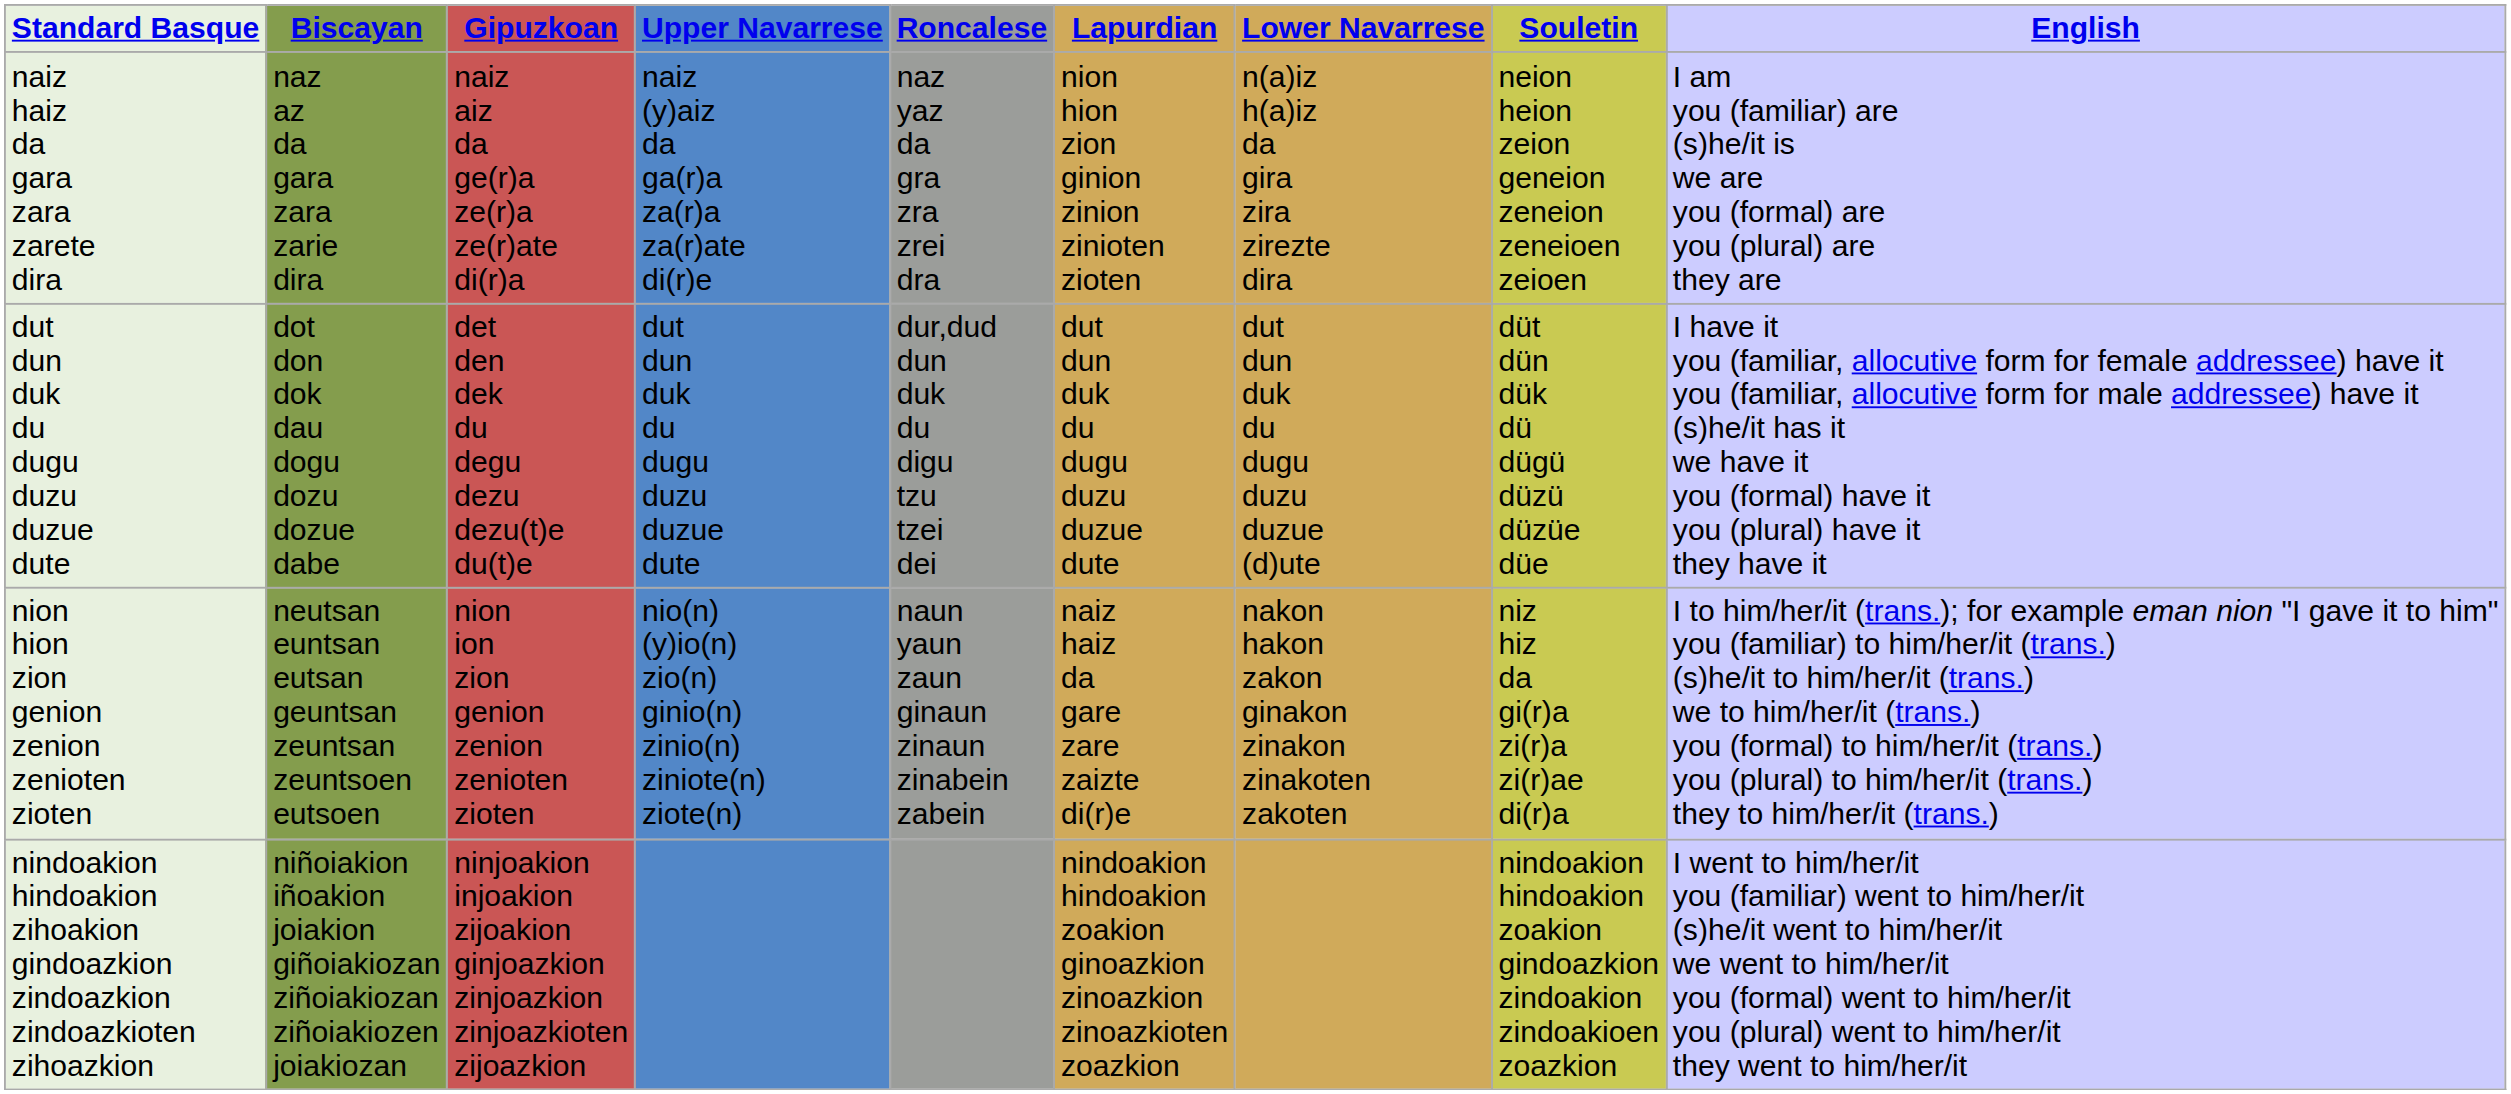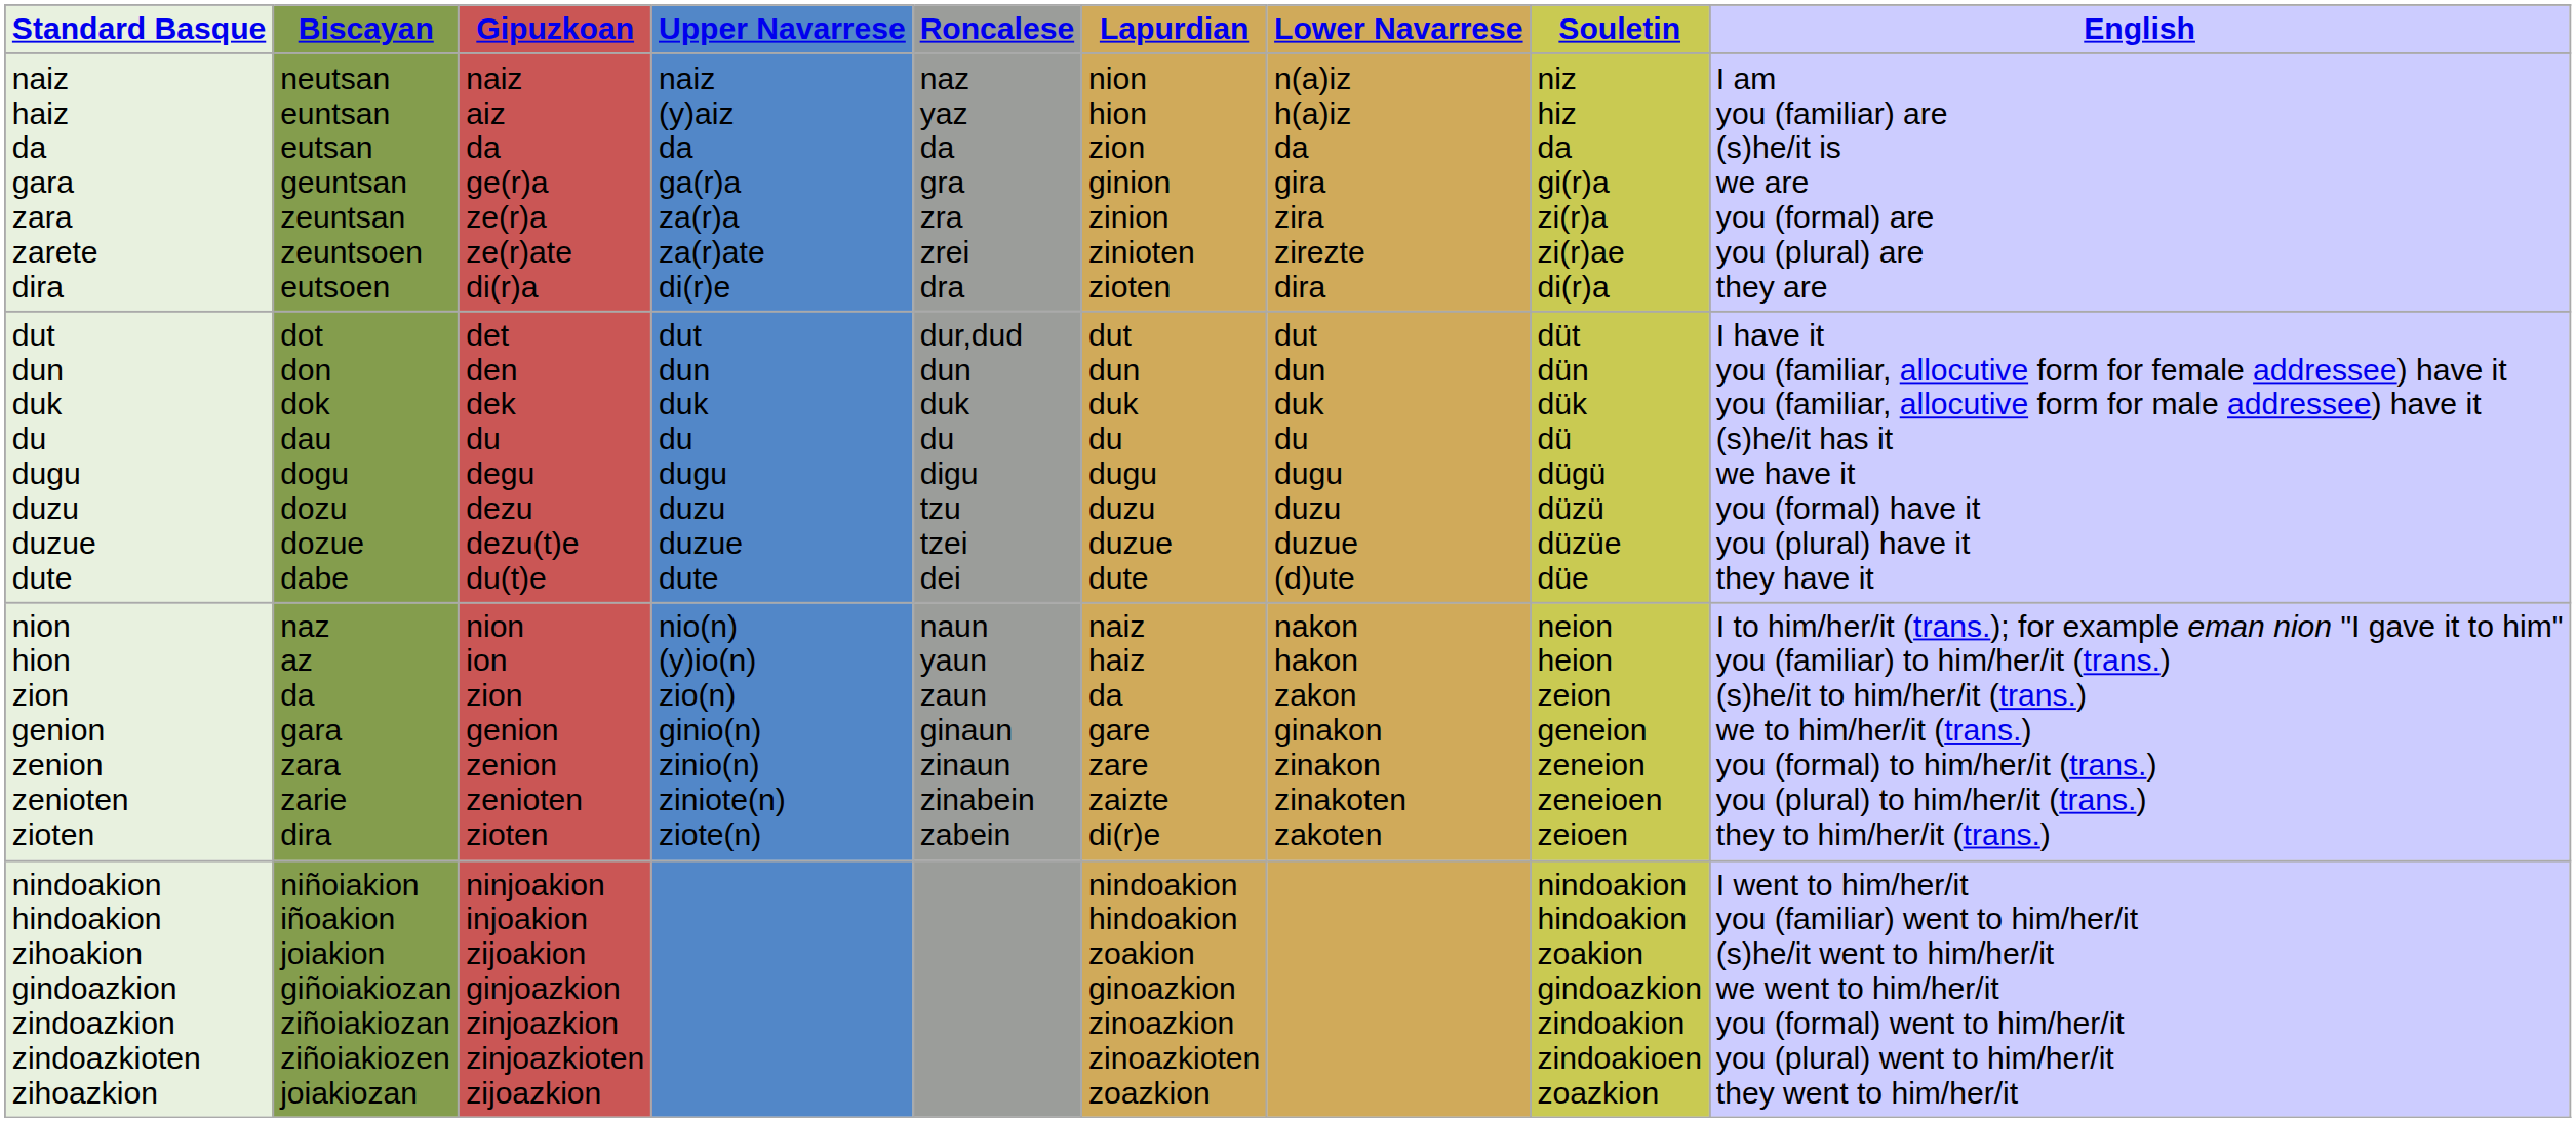 <table class="wikitable" style="font-size: 100%">
 <tr>
 <th style="background-color: #e8f1df"><a href='#'>Standard Basque</a></th>
 <th style="background-color: #849D4D"><a href='#'>Biscayan</a></th>
 <th style="background-color: #CA5655"><a href='#'>Gipuzkoan</a></th>
 <th style="background-color: #5287C8"><a href='#'>Upper Navarrese</a></th>
 <th style="background-color: #9B9D9A"><a href='#'>Roncalese</a></th>
 <th style="background-color: #D0AA5A"><a href='#'>Lapurdian</a></th>
 <th style="background-color: #D0AA5A"><a href='#'>Lower Navarrese</a></th>
 <th style="background-color: #C9CA52"><a href='#'>Souletin</a></th>
 <th style="background-color: #CCCCFF"><a href='#'>English</a></th>
 </tr>
 <tr>
 <td style="background-color: #e8f1df">naiz<br>haiz<br>da<br>gara<br>zara<br>zarete<br>dira</td>
-<td style="background-color: #849D4D">naz<br>az<br>da<br>gara<br>zara<br>zarie<br>dira</td>
+<td style="background-color: #849D4D">neutsan<br>euntsan<br>eutsan<br>geuntsan<br>zeuntsan<br>zeuntsoen<br>eutsoen</td>
 <td style="background-color: #CA5655">naiz<br>aiz<br>da<br>ge(r)a<br>ze(r)a<br>ze(r)ate<br>di(r)a</td>
 <td style="background-color: #5287C8">naiz<br>(y)aiz<br>da<br>ga(r)a<br>za(r)a<br>za(r)ate<br>di(r)e</td>
 <td style="background-color: #9B9D9A">naz<br>yaz<br>da<br>gra<br>zra<br>zrei<br>dra</td>
 <td style="background-color: #D0AA5A">nion<br>hion<br>zion<br>ginion<br>zinion<br>zinioten<br>zioten</td>
 <td style="background-color: #D0AA5A">n(a)iz<br>h(a)iz<br>da<br>gira<br>zira<br>zirezte<br>dira</td>
-<td style="background-color: #C9CA52">neion<br>heion<br>zeion<br>geneion<br>zeneion<br>zeneioen<br>zeioen</td>
+<td style="background-color: #C9CA52">niz<br>hiz<br>da<br>gi(r)a<br>zi(r)a<br>zi(r)ae<br>di(r)a</td>
 <td style="background-color: #CCCCFF">I am<br>you (familiar) are<br>(s)he/it is<br>we are<br>you (formal) are<br>you (plural) are<br>they are</td>
 </tr>
 <tr>
 <td style="background-color: #e8f1df">dut<br>dun<br>duk<br>du<br>dugu<br>duzu<br>duzue<br>dute</td>
 <td style="background-color: #849D4D">dot<br>don<br>dok<br>dau<br>dogu<br>dozu<br>dozue<br>dabe</td>
 <td style="background-color: #CA5655">det<br>den<br>dek<br>du<br>degu<br>dezu<br>dezu(t)e<br>du(t)e</td>
 <td style="background-color: #5287C8">dut<br>dun<br>duk<br>du<br>dugu<br>duzu<br>duzue<br>dute</td>
 <td style="background-color: #9B9D9A">dur,dud <br>dun<br>duk<br>du<br>digu<br>tzu<br>tzei<br>dei</td>
 <td style="background-color: #D0AA5A">dut<br>dun<br>duk<br>du<br>dugu<br>duzu<br>duzue<br>dute</td>
 <td style="background-color: #D0AA5A">dut<br>dun<br>duk<br>du<br>dugu<br>duzu<br>duzue<br>(d)ute</td>
 <td style="background-color: #C9CA52">düt<br>dün<br>dük<br>dü<br>dügü<br>düzü<br>düzüe<br>düe</td>
 <td style="background-color: #CCCCFF">I have it<br>you (familiar, <a href='#'>allocutive</a> form for female <a href='#'>addressee</a>) have it<br>you (familiar, <a href='#'>allocutive</a> form for male <a href='#'>addressee</a>) have it<br>(s)he/it has it<br>we have it<br>you (formal) have it<br>you (plural) have it<br>they have it</td>
 </tr>
 <tr>
 <td style="background-color: #e8f1df">nion<br>hion<br>zion<br>genion<br>zenion<br>zenioten<br>zioten</td>
-<td style="background-color: #849D4D">neutsan<br>euntsan<br>eutsan<br>geuntsan<br>zeuntsan<br>zeuntsoen<br>eutsoen</td>
+<td style="background-color: #849D4D">naz<br>az<br>da<br>gara<br>zara<br>zarie<br>dira</td>
 <td style="background-color: #CA5655">nion<br>ion<br>zion<br>genion<br>zenion<br>zenioten<br>zioten</td>
 <td style="background-color: #5287C8">nio(n)<br>(y)io(n)<br>zio(n)<br>ginio(n)<br>zinio(n)<br>ziniote(n)<br>ziote(n)</td>
 <td style="background-color: #9B9D9A">naun<br>yaun<br>zaun<br>ginaun<br>zinaun<br>zinabein<br>zabein</td>
 <td style="background-color: #D0AA5A">naiz<br>haiz<br>da<br>gare<br>zare<br>zaizte<br>di(r)e</td>
 <td style="background-color: #D0AA5A">nakon<br>hakon<br>zakon<br>ginakon<br>zinakon<br>zinakoten<br>zakoten</td>
-<td style="background-color: #C9CA52">niz<br>hiz<br>da<br>gi(r)a<br>zi(r)a<br>zi(r)ae<br>di(r)a</td>
+<td style="background-color: #C9CA52">neion<br>heion<br>zeion<br>geneion<br>zeneion<br>zeneioen<br>zeioen</td>
 <td style="background-color: #CCCCFF">I to him/her/it (<a href='#'>trans.</a>); for example <em>eman nion</em> "I gave it to him"<br>you (familiar) to him/her/it (<a href='#'>trans.</a>)<br>(s)he/it to him/her/it (<a href='#'>trans.</a>)<br>we to him/her/it (<a href='#'>trans.</a>)<br>you (formal) to him/her/it (<a href='#'>trans.</a>)<br>you (plural) to him/her/it (<a href='#'>trans.</a>)<br>they to him/her/it (<a href='#'>trans.</a>)</td>
 </tr>
 <tr>
 <td style="background-color: #e8f1df">nindoakion<br>hindoakion<br>zihoakion<br>gindoazkion<br>zindoazkion<br>zindoazkioten<br>zihoazkion</td>
 <td style="background-color: #849D4D">niñoiakion<br>iñoakion<br>joiakion<br>giñoiakiozan<br>ziñoiakiozan<br>ziñoiakiozen<br>joiakiozan</td>
 <td style="background-color: #CA5655">ninjoakion<br>injoakion<br>zijoakion<br>ginjoazkion<br>zinjoazkion<br>zinjoazkioten<br>zijoazkion</td>
 <td style="background-color: #5287C8"><br><br><br><br><br><br></td>
 <td style="background-color: #9B9D9A"><br><br><br><br><br><br></td>
 <td style="background-color: #D0AA5A">nindoakion<br>hindoakion<br>zoakion<br>ginoazkion<br>zinoazkion<br>zinoazkioten<br>zoazkion</td>
 <td style="background-color: #D0AA5A"><br><br><br><br><br><br></td>
 <td style="background-color: #C9CA52">nindoakion<br>hindoakion<br>zoakion<br>gindoazkion<br>zindoakion<br>zindoakioen<br>zoazkion</td>
 <td style="background-color: #CCCCFF">I went to him/her/it<br>you (familiar) went to him/her/it<br>(s)he/it went to him/her/it<br>we went to him/her/it<br>you (formal) went to him/her/it<br>you (plural) went to him/her/it<br>they went to him/her/it</td>
 </tr>
 <tr>
 </tr>
 </table>
